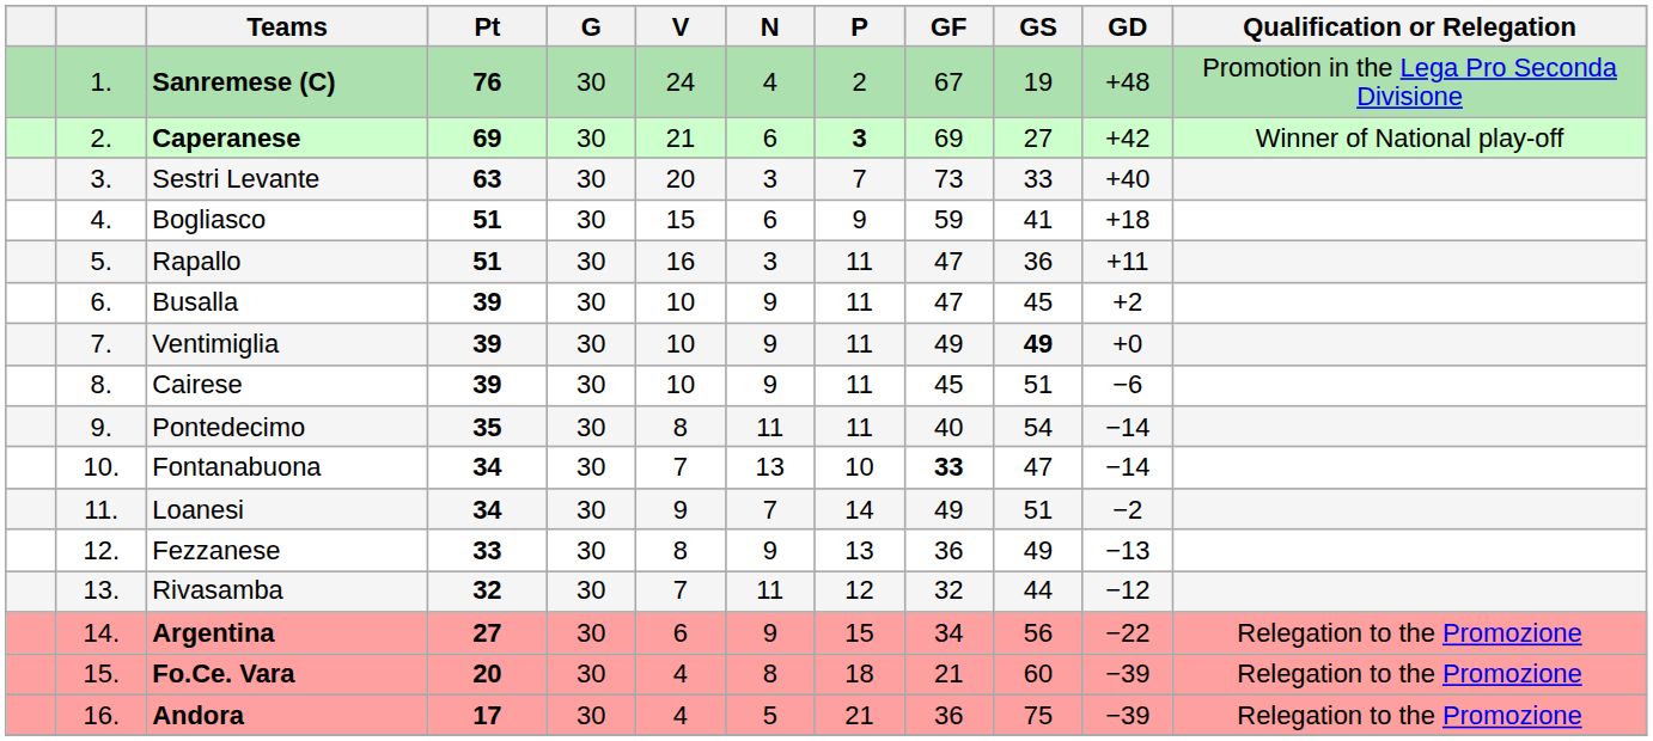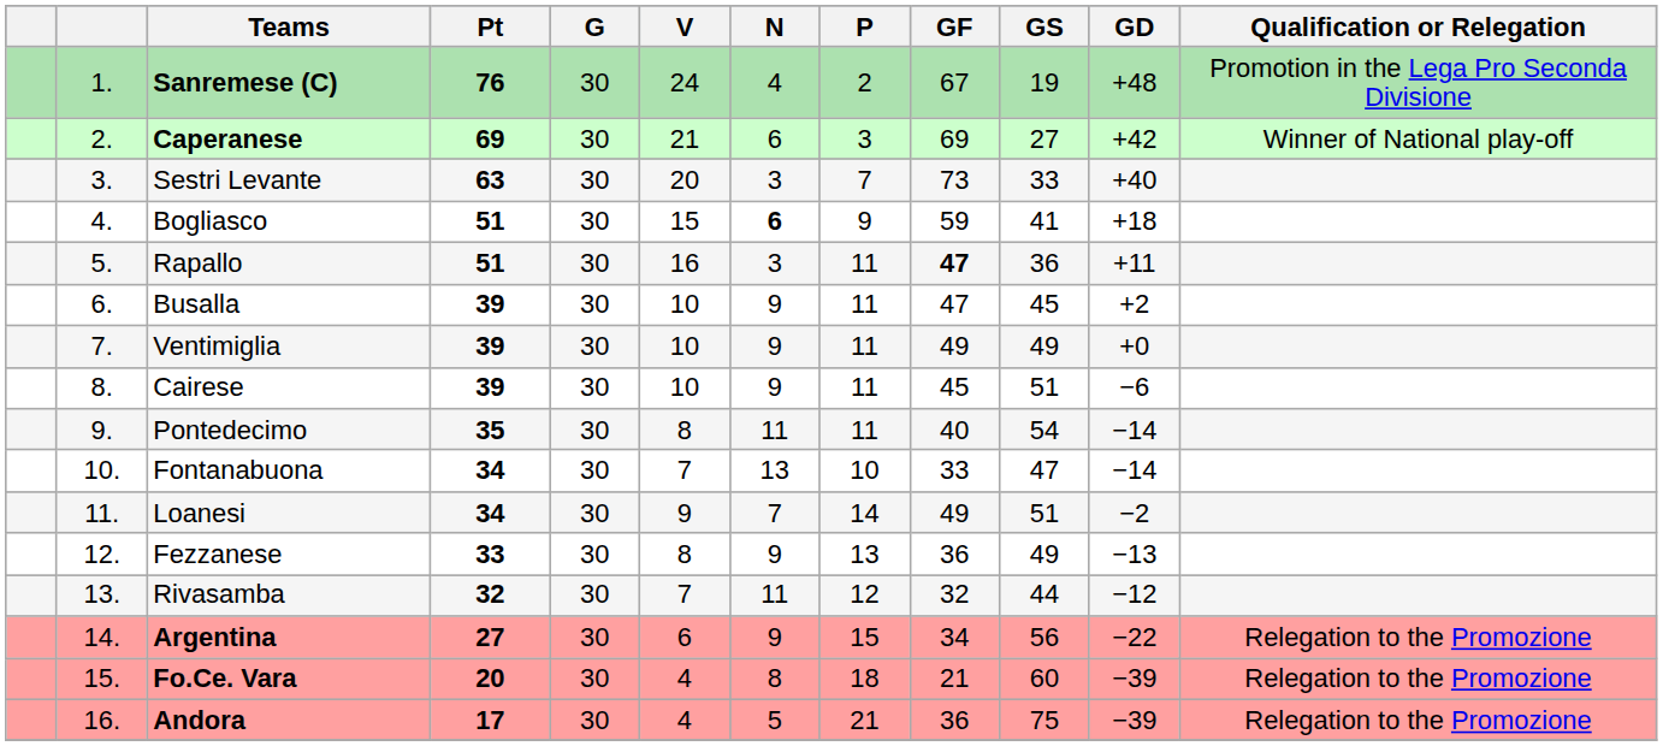 <table class="wikitable sortable" align="center" style="font-size: 85%; border-collapse:collapse" border="0" cellspacing="0" cellpadding="2">
 <tr align=center bgcolor=#98A1B2>
 <th width=20></th>
 <th width=40></th>
 <th width=140><span>Teams</span></th>
 <th width=55><span>Pt</span></th>
 <th width=40><span>G</span></th>
 <th width=40><span>V</span></th>
 <th width=40><span>N</span></th>
 <th width=40><span>P</span></th>
 <th width=40><span>GF</span></th>
 <th width=40><span>GS</span></th>
 <th width=40><span>GD</span></th>
 <th width=240><span>Qualification or Relegation</span></th>
 </tr>
 <tr align=center style="background:#ACE1AF;">
 <td></td>
 <td>1.</td>
 <td style="text-align:left;"><strong>Sanremese</strong> <strong>(C)</strong></td>
 <td><strong>76</strong></td>
 <td>30</td>
 <td>24</td>
 <td>4</td>
 <td>2</td>
 <td>67</td>
 <td>19</td>
 <td>+48</td>
 <td>Promotion in the <a href='#'>Lega Pro Seconda Divisione</a></td>
 </tr>
 <tr align=center style="background:#ccffcc;">
 <td></td>
 <td>2.</td>
 <td style="text-align:left;"><strong>Caperanese</strong></td>
 <td><strong>69</strong></td>
 <td>30</td>
 <td>21</td>
 <td>6</td>
-<td><strong>3</strong></td>
+<td>3</td>
 <td>69</td>
 <td>27</td>
 <td>+42</td>
 <td>Winner of National play-off</td>
 </tr>
 <tr align=center style="background:#F5F5F5;">
 <td></td>
 <td>3.</td>
 <td style="text-align:left;">Sestri Levante</td>
 <td><strong>63</strong></td>
 <td>30</td>
 <td>20</td>
 <td>3</td>
 <td>7</td>
 <td>73</td>
 <td>33</td>
 <td>+40</td>
 <td></td>
 </tr>
 <tr align=center style="background:#FFFFFF;">
 <td></td>
 <td>4.</td>
 <td style="text-align:left;">Bogliasco</td>
 <td><strong>51</strong></td>
 <td>30</td>
 <td>15</td>
-<td>6</td>
+<td><strong>6</strong></td>
 <td>9</td>
 <td>59</td>
 <td>41</td>
 <td>+18</td>
 <td></td>
 </tr>
 <tr align=center style="background:#F5F5F5;">
 <td></td>
 <td>5.</td>
 <td style="text-align:left;">Rapallo</td>
 <td><strong>51</strong></td>
 <td>30</td>
 <td>16</td>
 <td>3</td>
 <td>11</td>
-<td>47</td>
+<td><strong>47</strong></td>
 <td>36</td>
 <td>+11</td>
 <td></td>
 </tr>
 <tr align=center style="background:#FFFFFF;">
 <td></td>
 <td>6.</td>
 <td style="text-align:left;">Busalla</td>
 <td><strong>39</strong></td>
 <td>30</td>
 <td>10</td>
 <td>9</td>
 <td>11</td>
 <td>47</td>
 <td>45</td>
 <td>+2</td>
 <td></td>
 </tr>
 <tr align=center style="background:#F5F5F5;">
 <td></td>
 <td>7.</td>
 <td style="text-align:left;">Ventimiglia</td>
 <td><strong>39</strong></td>
 <td>30</td>
 <td>10</td>
 <td>9</td>
 <td>11</td>
 <td>49</td>
-<td><strong>49</strong></td>
+<td>49</td>
 <td>+0</td>
 <td></td>
 </tr>
 <tr align=center style="background:#FFFFFF;">
 <td></td>
 <td>8.</td>
 <td style="text-align:left;">Cairese</td>
 <td><strong>39</strong></td>
 <td>30</td>
 <td>10</td>
 <td>9</td>
 <td>11</td>
 <td>45</td>
 <td>51</td>
 <td>−6</td>
 <td></td>
 </tr>
 <tr align=center style="background:#F5F5F5;">
 <td></td>
 <td>9.</td>
 <td style="text-align:left;">Pontedecimo</td>
 <td><strong>35</strong></td>
 <td>30</td>
 <td>8</td>
 <td>11</td>
 <td>11</td>
 <td>40</td>
 <td>54</td>
 <td>−14</td>
 <td></td>
 </tr>
 <tr align=center style="background:#FFFFFF;">
 <td></td>
 <td>10.</td>
 <td style="text-align:left;">Fontanabuona</td>
 <td><strong>34</strong></td>
 <td>30</td>
 <td>7</td>
 <td>13</td>
 <td>10</td>
-<td><strong>33</strong></td>
+<td>33</td>
 <td>47</td>
 <td>−14</td>
 <td></td>
 </tr>
 <tr align=center style="background:#F5F5F5;">
 <td></td>
 <td>11.</td>
 <td style="text-align:left;">Loanesi</td>
 <td><strong>34</strong></td>
 <td>30</td>
 <td>9</td>
 <td>7</td>
 <td>14</td>
 <td>49</td>
 <td>51</td>
 <td>−2</td>
 <td></td>
 </tr>
 <tr align=center style="background:#FFFFFF;">
 <td></td>
 <td>12.</td>
 <td style="text-align:left;">Fezzanese</td>
 <td><strong>33</strong></td>
 <td>30</td>
 <td>8</td>
 <td>9</td>
 <td>13</td>
 <td>36</td>
 <td>49</td>
 <td>−13</td>
 <td></td>
 </tr>
 <tr align=center style="background:#F5F5F5;">
 <td></td>
 <td>13.</td>
 <td style="text-align:left;">Rivasamba</td>
 <td><strong>32</strong></td>
 <td>30</td>
 <td>7</td>
 <td>11</td>
 <td>12</td>
 <td>32</td>
 <td>44</td>
 <td>−12</td>
 <td></td>
 </tr>
 <tr align=center style="background:#FFA0A0;">
 <td></td>
 <td>14.</td>
 <td style="text-align:left;"><strong>Argentina</strong></td>
 <td><strong>27</strong></td>
 <td>30</td>
 <td>6</td>
 <td>9</td>
 <td>15</td>
 <td>34</td>
 <td>56</td>
 <td>−22</td>
 <td>Relegation to the <a href='#'>Promozione</a></td>
 </tr>
 <tr align=center style="background:#FFA0A0;">
 <td></td>
 <td>15.</td>
 <td style="text-align:left;"><strong>Fo.Ce. Vara</strong></td>
 <td><strong>20</strong></td>
 <td>30</td>
 <td>4</td>
 <td>8</td>
 <td>18</td>
 <td>21</td>
 <td>60</td>
 <td>−39</td>
 <td>Relegation to the <a href='#'>Promozione</a></td>
 </tr>
 <tr align=center style="background:#FFA0A0;">
 <td></td>
 <td>16.</td>
 <td style="text-align:left;"><strong>Andora</strong></td>
 <td><strong>17</strong></td>
 <td>30</td>
 <td>4</td>
 <td>5</td>
 <td>21</td>
 <td>36</td>
 <td>75</td>
 <td>−39</td>
 <td>Relegation to the <a href='#'>Promozione</a></td>
 </tr>
 <tr>
 </tr>
 </table>
